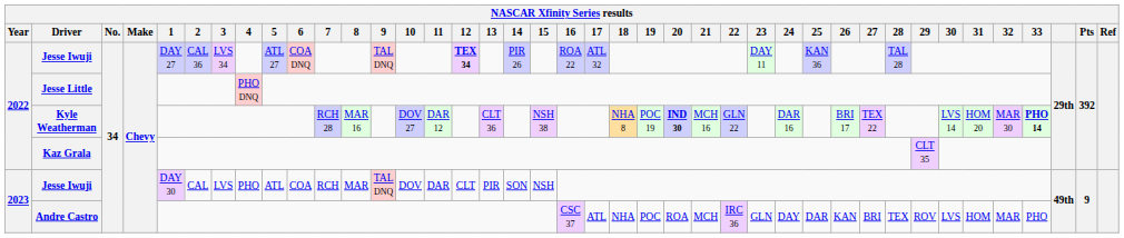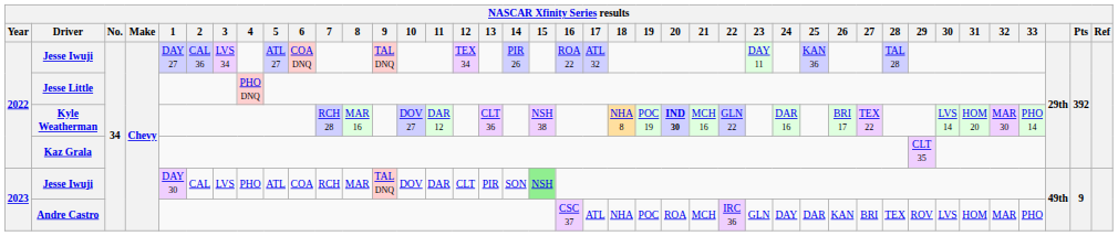 <table class="wikitable" style="text-align:center; font-size:75%">
 <tr>
 <th colspan=42><a href='#'>NASCAR Xfinity Series</a> results</th>
 </tr>
 <tr>
 <th>Year</th>
 <th>Driver</th>
 <th>No.</th>
 <th>Make</th>
 <th>1</th>
 <th>2</th>
 <th>3</th>
 <th>4</th>
 <th>5</th>
 <th>6</th>
 <th>7</th>
 <th>8</th>
 <th>9</th>
 <th>10</th>
 <th>11</th>
 <th>12</th>
 <th>13</th>
 <th>14</th>
 <th>15</th>
 <th>16</th>
 <th>17</th>
 <th>18</th>
 <th>19</th>
 <th>20</th>
 <th>21</th>
 <th>22</th>
 <th>23</th>
 <th>24</th>
 <th>25</th>
 <th>26</th>
 <th>27</th>
 <th>28</th>
 <th>29</th>
 <th>30</th>
 <th>31</th>
 <th>32</th>
 <th>33</th>
 <th></th>
 <th>Pts</th>
 <th>Ref</th>
 </tr>
 <tr>
 <th rowspan="4"><a href='#'>2022</a></th>
 <th><a href='#'>Jesse Iwuji</a></th>
 <th rowspan="6">34</th>
 <th rowspan="6"><a href='#'>Chevy</a></th>
 <td style="background:#CFCFFF;"><a href='#'>DAY</a><br><small>27</small></td>
 <td style="background:#CFCFFF;"><a href='#'>CAL</a><br><small>36</small></td>
 <td style="background:#EFCFFF;"><a href='#'>LVS</a><br><small>34</small></td>
 <td></td>
 <td style="background:#CFCFFF;"><a href='#'>ATL</a><br><small>27</small></td>
 <td style="background:#FFCFCF;"><a href='#'>COA</a><br><small>DNQ</small></td>
 <td colspan=2></td>
 <td style="background:#FFCFCF;"><a href='#'>TAL</a><br><small>DNQ</small></td>
 <td colspan=2></td>
-<td style="background:#EFCFFF;"><strong><a href='#'>TEX</a><br><small>34</small></strong></td>
+<td style="background:#EFCFFF;"><a href='#'>TEX</a><br><small>34</small></td>
 <td></td>
 <td style="background:#CFCFFF;"><a href='#'>PIR</a><br><small>26</small></td>
 <td></td>
 <td style="background:#CFCFFF;"><a href='#'>ROA</a><br><small>22</small></td>
 <td style="background:#CFCFFF;"><a href='#'>ATL</a><br><small>32</small></td>
 <td colspan="5"></td>
 <td style="background:#DFFFDF;"><a href='#'>DAY</a><br><small>11</small></td>
 <td></td>
 <td style="background:#CFCFFF;"><a href='#'>KAN</a><br><small>36</small></td>
 <td colspan=2></td>
 <td style="background:#CFCFFF;"><a href='#'>TAL</a><br><small>28</small></td>
 <td colspan="5"></td>
 <th rowspan="4">29th</th>
 <th rowspan="4">392</th>
 <th rowspan="4"></th>
 </tr>
 <tr>
 <th><a href='#'>Jesse Little</a></th>
 <td colspan=3></td>
 <td style="background:#FFCFCF;"><a href='#'>PHO</a><br><small>DNQ</small></td>
 <td colspan=29></td>
 </tr>
 <tr>
 <th><a href='#'>Kyle Weatherman</a></th>
 <td colspan="6"></td>
 <td style="background:#CFCFFF;"><a href='#'>RCH</a><br><small>28</small></td>
 <td style="background:#DFFFDF;"><a href='#'>MAR</a><br><small>16</small></td>
 <td></td>
 <td style="background:#CFCFFF;"><a href='#'>DOV</a><br><small>27</small></td>
 <td style="background:#DFFFDF;"><a href='#'>DAR</a><br><small>12</small></td>
 <td></td>
 <td style="background:#EFCFFF;"><a href='#'>CLT</a><br><small>36</small></td>
 <td></td>
 <td style="background:#EFCFFF;"><a href='#'>NSH</a><br><small>38</small></td>
 <td colspan=2></td>
 <td style="background:#FFDF9F;"><a href='#'>NHA</a><br> <small>8</small></td>
 <td style="background:#DFFFDF;"><a href='#'>POC</a><br> <small>19</small></td>
 <td style="background:#CFCFFF;"><strong><a href='#'>IND</a><br> <small>30</small></strong></td>
 <td style="background:#DFFFDF;"><a href='#'>MCH</a><br> <small>16</small></td>
 <td style="background:#CFCFFF;"><a href='#'>GLN</a> <br> <small>22</small></td>
 <td></td>
 <td style="background:#DFFFDF;"><a href='#'>DAR</a><br> <small>16</small></td>
 <td></td>
 <td style="background:#DFFFDF;"><a href='#'>BRI</a><br> <small>17</small></td>
 <td style="background:#EFCFFF;"><a href='#'>TEX</a><br> <small>22</small></td>
 <td colspan="2"></td>
 <td style="background:#DFFFDF;"><a href='#'>LVS</a><br> <small>14</small></td>
 <td style="background:#DFFFDF;"><a href='#'>HOM</a><br> <small>20</small></td>
 <td style="background:#EFCFFF;"><a href='#'>MAR</a><br>  <small>30</small></td>
-<td style="background:#DFFFDF;"><strong><a href='#'>PHO</a><br> <small>14</small></strong></td>
+<td style="background:#DFFFDF;"><a href='#'>PHO</a><br> <small>14</small></td>
 </tr>
 <tr>
 <th><a href='#'>Kaz Grala</a></th>
 <td colspan="28"></td>
 <td style="background:#EFCFFF;"><a href='#'>CLT</a><br> <small>35</small></td>
 <td colspan="4"></td>
 </tr>
 <tr>
 <th rowspan="2"><a href='#'>2023</a></th>
 <th><a href='#'>Jesse Iwuji</a></th>
 <td style="background:#EFCFFF;"><a href='#'>DAY</a><br><small>30</small></td>
 <td><a href='#'>CAL</a></td>
 <td><a href='#'>LVS</a></td>
 <td><a href='#'>PHO</a></td>
 <td><a href='#'>ATL</a></td>
 <td><a href='#'>COA</a></td>
 <td><a href='#'>RCH</a></td>
 <td><a href='#'>MAR</a></td>
 <td style="background:#FFCFCF;"><a href='#'>TAL</a><br><small>DNQ</small></td>
 <td><a href='#'>DOV</a></td>
 <td><a href='#'>DAR</a></td>
 <td><a href='#'>CLT</a></td>
 <td><a href='#'>PIR</a></td>
 <td><a href='#'>SON</a></td>
-<td><a href='#'>NSH</a></td>
+<td style="background: lightgreen;"><a href='#'>NSH</a></td>
 <td colspan="18"></td>
 <th rowspan="2">49th</th>
 <th rowspan="2">9</th>
 <th rowspan="2"></th>
 </tr>
 <tr>
 <th><a href='#'>Andre Castro</a></th>
 <td colspan="15"></td>
 <td style="background:#EFCFFF;"><a href='#'>CSC</a><br><small>37</small></td>
 <td><a href='#'>ATL</a></td>
 <td><a href='#'>NHA</a></td>
 <td><a href='#'>POC</a></td>
 <td><a href='#'>ROA</a></td>
 <td><a href='#'>MCH</a></td>
 <td style="background:#EFCFFF;"><a href='#'>IRC</a><br><small>36</small></td>
 <td><a href='#'>GLN</a></td>
 <td><a href='#'>DAY</a></td>
 <td><a href='#'>DAR</a></td>
 <td><a href='#'>KAN</a></td>
 <td><a href='#'>BRI</a></td>
 <td><a href='#'>TEX</a></td>
 <td><a href='#'>ROV</a></td>
 <td><a href='#'>LVS</a></td>
 <td><a href='#'>HOM</a></td>
 <td><a href='#'>MAR</a></td>
 <td><a href='#'>PHO</a></td>
 </tr>
 </table>
